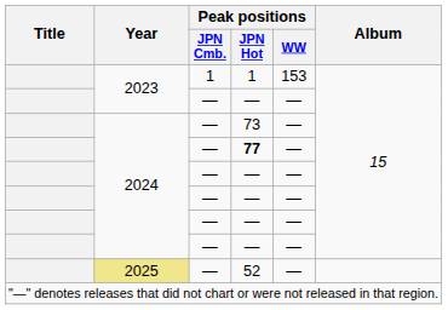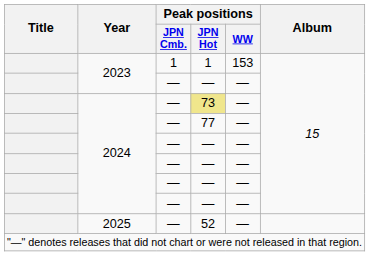 <table class="wikitable plainrowheaders" style="text-align:center">
 <tr>
 <th scope="col" rowspan="2">Title</th>
 <th scope="col" rowspan="2">Year</th>
 <th scope="col" colspan="3">Peak positions</th>
 <th scope="col" rowspan="2">Album</th>
 </tr>
 <tr>
 <th scope="col" style="width:2.75em;font-size:85%"><a href='#'>JPN<br>Cmb.</a><br></th>
 <th scope="col" style="width:2.75em;font-size:85%"><a href='#'>JPN<br>Hot</a><br></th>
 <th scope="col" style="width:2.75em;font-size:85%"><a href='#'>WW</a><br></th>
 </tr>
 <tr>
 <th scope="row"></th>
 <td rowspan="2">2023</td>
 <td>1</td>
 <td>1</td>
 <td>153</td>
 <td rowspan="8"><em>15</em></td>
 </tr>
 <tr>
 <th scope="row"></th>
 <td>—</td>
 <td>—</td>
 <td>—</td>
 </tr>
 <tr>
 <th scope="row"></th>
 <td rowspan="6">2024</td>
 <td>—</td>
-<td>73</td>
+<td style="background: khaki;">73</td>
 <td>—</td>
 </tr>
 <tr>
 <th scope="row"></th>
 <td>—</td>
-<td><strong>77</strong></td>
+<td>77</td>
 <td>—</td>
 </tr>
 <tr>
 <th scope="row"></th>
 <td>—</td>
 <td>—</td>
 <td>—</td>
 </tr>
 <tr>
 <th scope="row"></th>
 <td>—</td>
 <td>—</td>
 <td>—</td>
 </tr>
 <tr>
 <th scope="row"></th>
 <td>—</td>
 <td>—</td>
 <td>—</td>
 </tr>
 <tr>
 <th scope="row"></th>
 <td>—</td>
 <td>—</td>
 <td>—</td>
 </tr>
 <tr>
 <th scope="row"></th>
-<td style="background: khaki;">2025</td>
+<td>2025</td>
 <td>—</td>
 <td>52</td>
 <td>—</td>
 <td></td>
 </tr>
 <tr>
 <td colspan="6" style="font-size:85%">"—" denotes releases that did not chart or were not released in that region.</td>
 </tr>
 </table>
